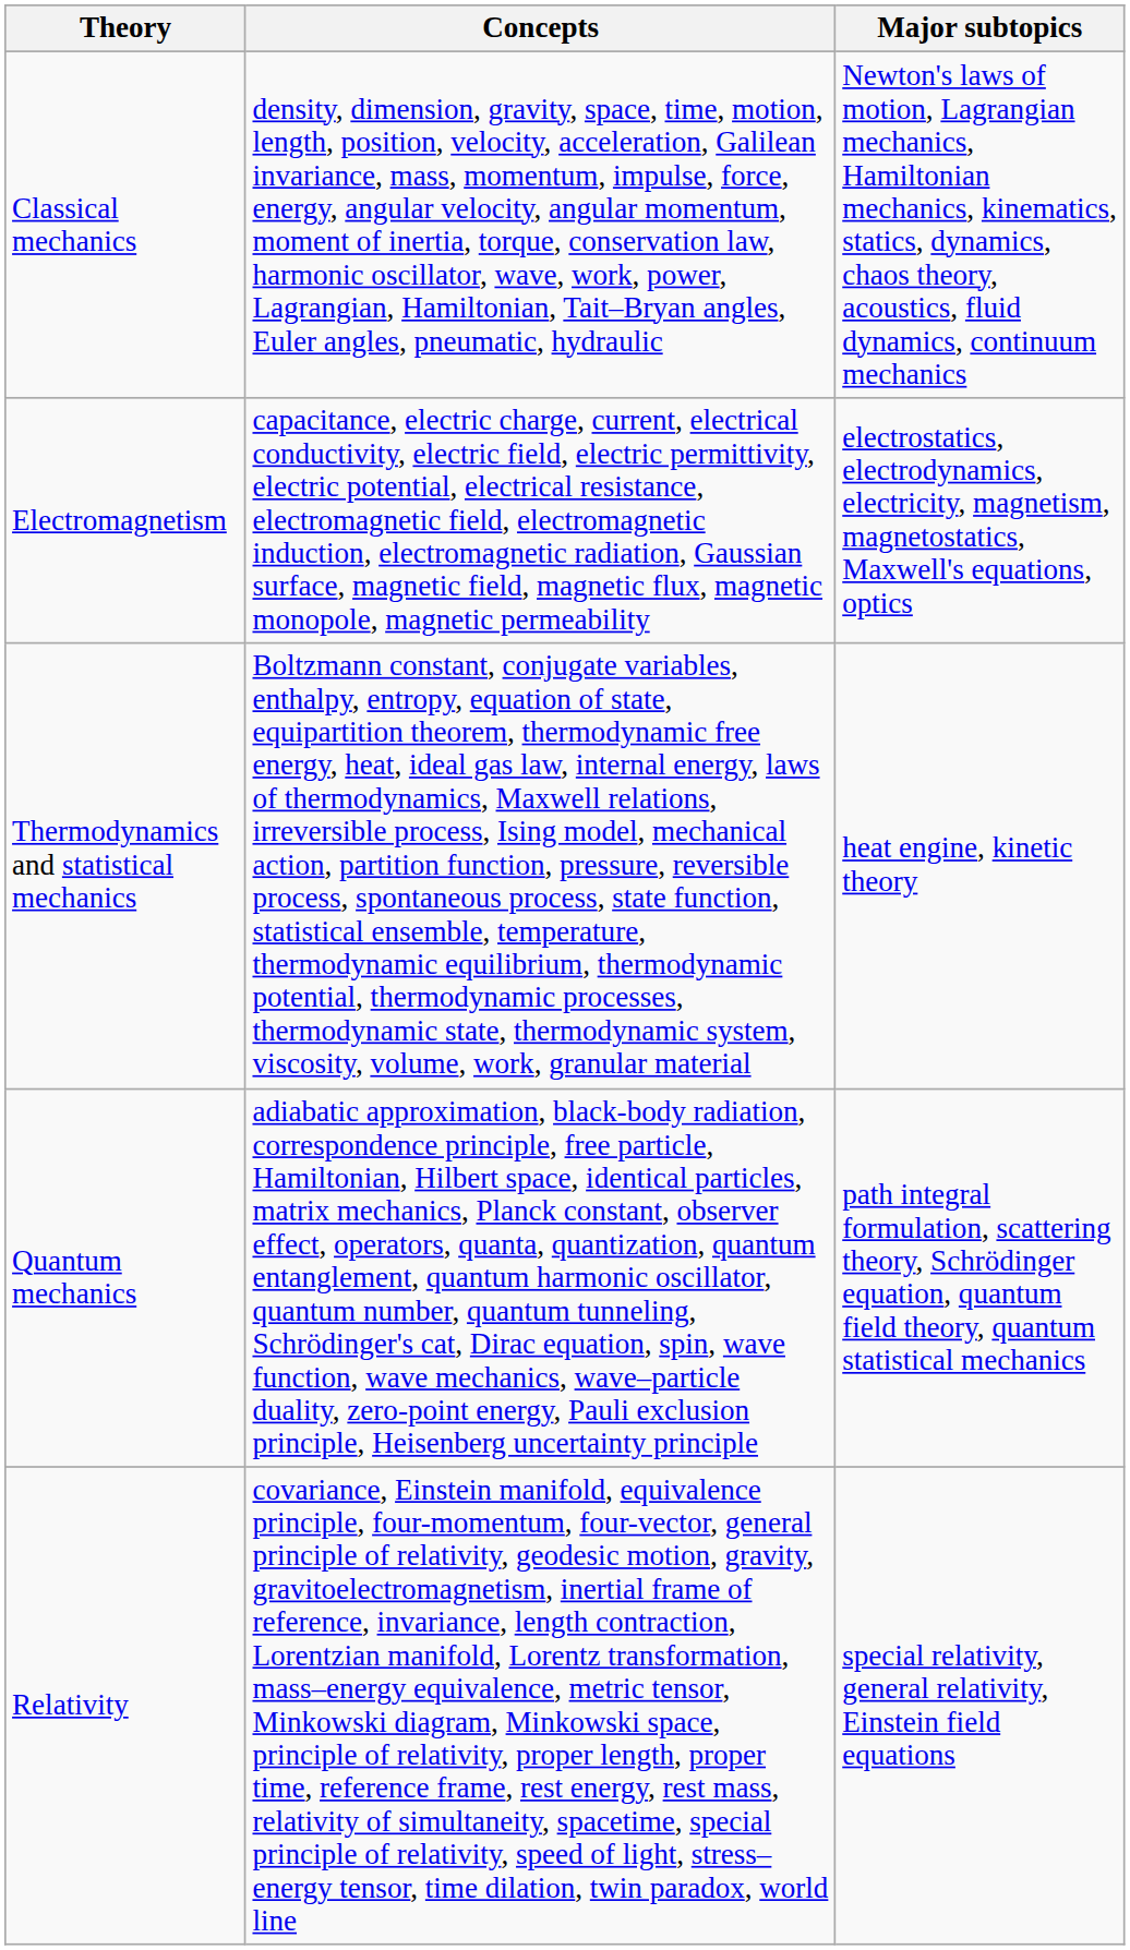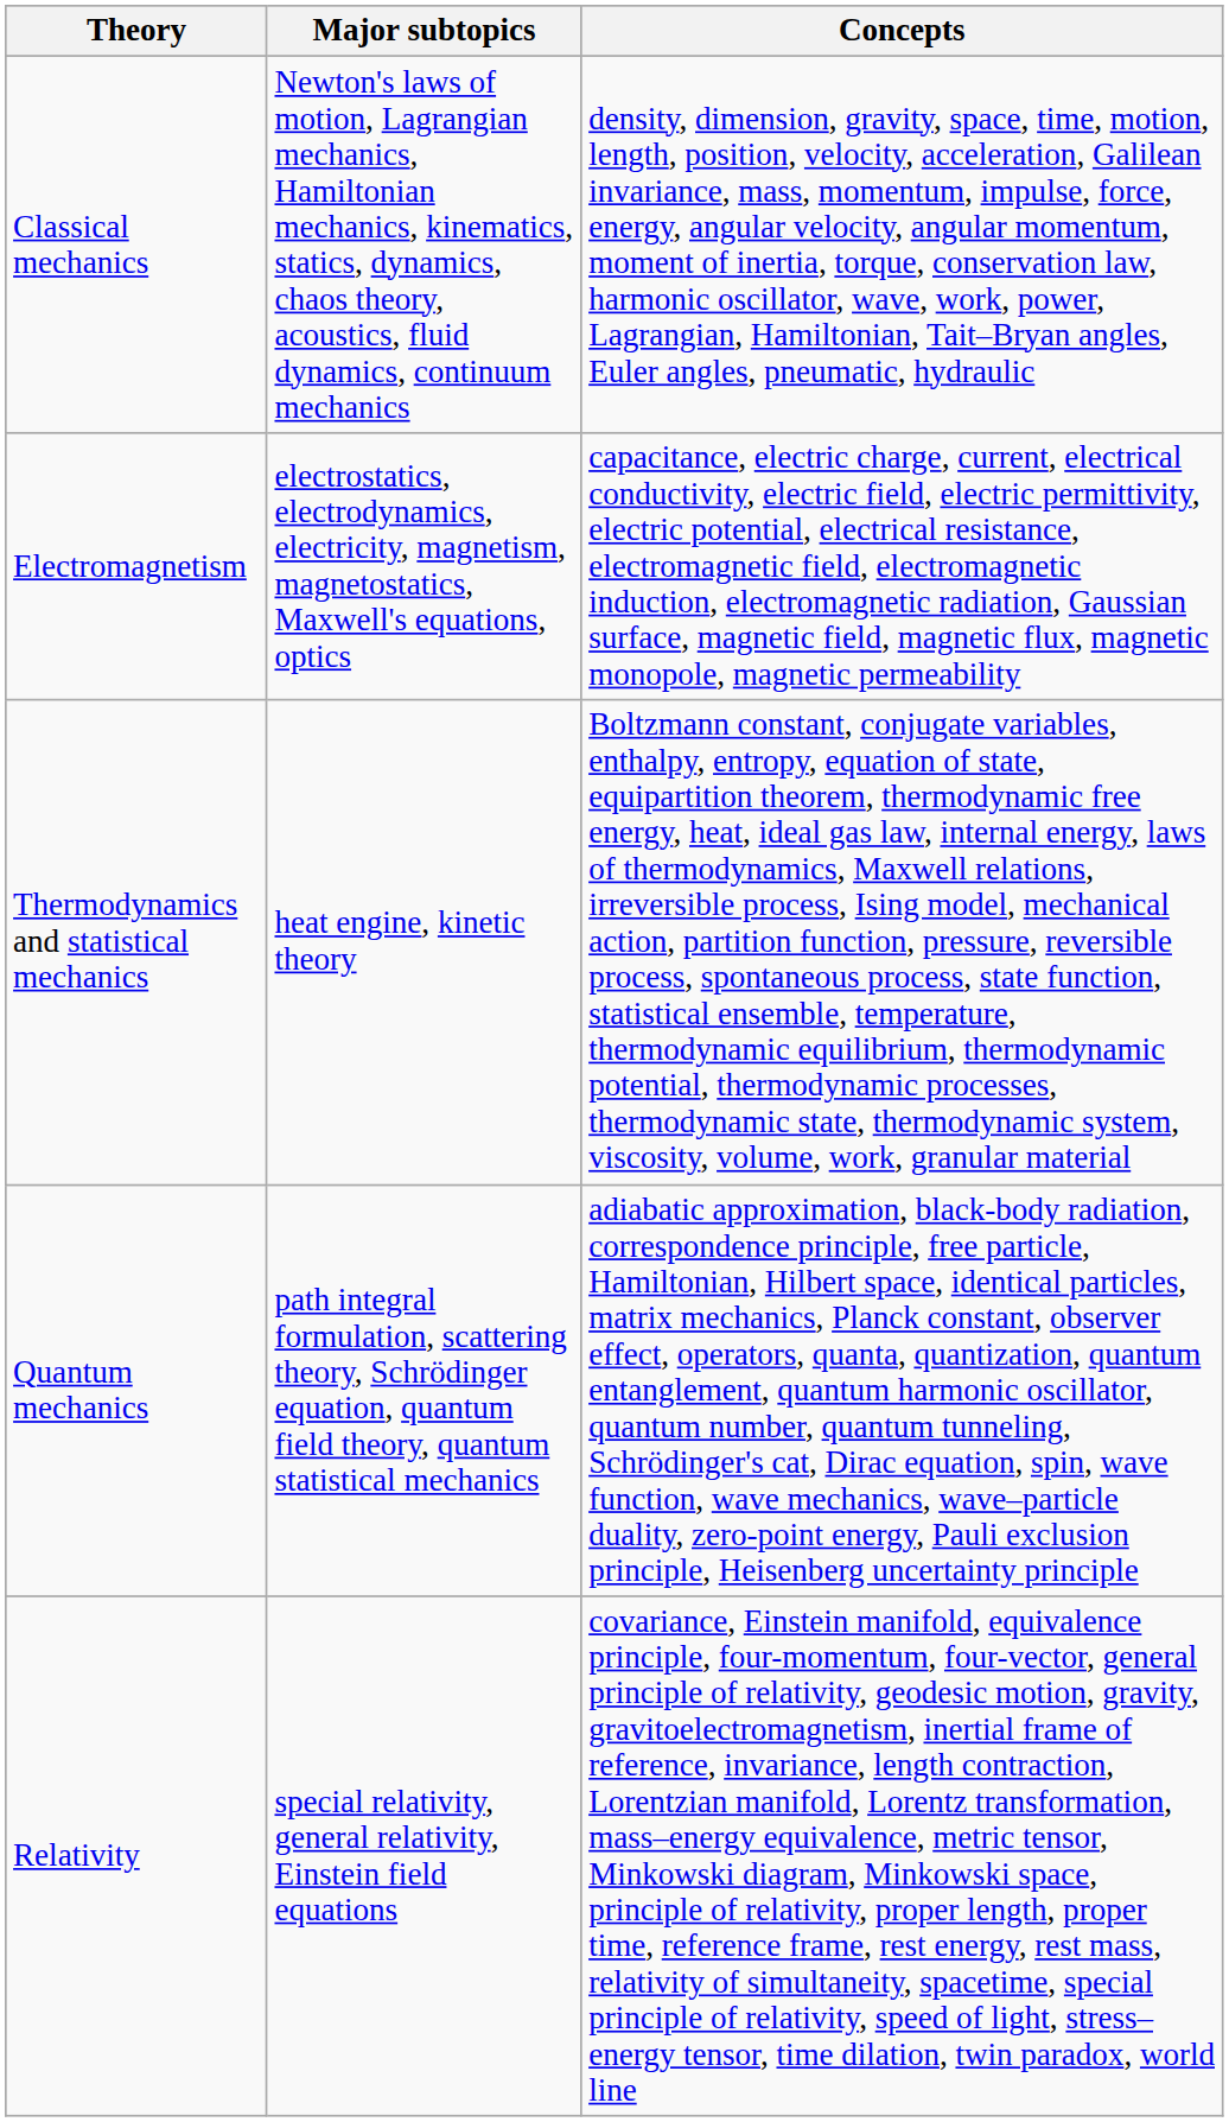 <table class="wikitable">
 <tr>
 <th>Theory</th>
+<th>Major subtopics</th>
 <th>Concepts</th>
-<th>Major subtopics</th>
 </tr>
 <tr>
 <td><a href='#'>Classical mechanics</a></td>
+<td><a href='#'>Newton's laws of motion</a>, <a href='#'>Lagrangian mechanics</a>, <a href='#'>Hamiltonian mechanics</a>, <a href='#'>kinematics</a>, <a href='#'>statics</a>, <a href='#'>dynamics</a>, <a href='#'>chaos theory</a>, <a href='#'>acoustics</a>, <a href='#'>fluid dynamics</a>, <a href='#'>continuum mechanics</a></td>
 <td><a href='#'>density</a>, <a href='#'>dimension</a>, <a href='#'>gravity</a>, <a href='#'>space</a>, <a href='#'>time</a>, <a href='#'>motion</a>, <a href='#'>length</a>, <a href='#'>position</a>, <a href='#'>velocity</a>, <a href='#'>acceleration</a>, <a href='#'>Galilean invariance</a>, <a href='#'>mass</a>, <a href='#'>momentum</a>, <a href='#'>impulse</a>, <a href='#'>force</a>, <a href='#'>energy</a>, <a href='#'>angular velocity</a>, <a href='#'>angular momentum</a>, <a href='#'>moment of inertia</a>, <a href='#'>torque</a>, <a href='#'>conservation law</a>, <a href='#'>harmonic oscillator</a>, <a href='#'>wave</a>, <a href='#'>work</a>, <a href='#'>power</a>, <a href='#'>Lagrangian</a>, <a href='#'>Hamiltonian</a>, <a href='#'>Tait–Bryan angles</a>, <a href='#'>Euler angles</a>, <a href='#'>pneumatic</a>, <a href='#'>hydraulic</a></td>
-<td><a href='#'>Newton's laws of motion</a>, <a href='#'>Lagrangian mechanics</a>, <a href='#'>Hamiltonian mechanics</a>, <a href='#'>kinematics</a>, <a href='#'>statics</a>, <a href='#'>dynamics</a>, <a href='#'>chaos theory</a>, <a href='#'>acoustics</a>, <a href='#'>fluid dynamics</a>, <a href='#'>continuum mechanics</a></td>
 </tr>
 <tr>
 <td><a href='#'>Electromagnetism</a></td>
+<td><a href='#'>electrostatics</a>, <a href='#'>electrodynamics</a>, <a href='#'>electricity</a>, <a href='#'>magnetism</a>, <a href='#'>magnetostatics</a>, <a href='#'>Maxwell's equations</a>, <a href='#'>optics</a></td>
 <td><a href='#'>capacitance</a>, <a href='#'>electric charge</a>, <a href='#'>current</a>, <a href='#'>electrical conductivity</a>, <a href='#'>electric field</a>, <a href='#'>electric permittivity</a>, <a href='#'>electric potential</a>, <a href='#'>electrical resistance</a>, <a href='#'>electromagnetic field</a>, <a href='#'>electromagnetic induction</a>, <a href='#'>electromagnetic radiation</a>, <a href='#'>Gaussian surface</a>, <a href='#'>magnetic field</a>, <a href='#'>magnetic flux</a>, <a href='#'>magnetic monopole</a>, <a href='#'>magnetic permeability</a></td>
-<td><a href='#'>electrostatics</a>, <a href='#'>electrodynamics</a>, <a href='#'>electricity</a>, <a href='#'>magnetism</a>, <a href='#'>magnetostatics</a>, <a href='#'>Maxwell's equations</a>, <a href='#'>optics</a></td>
 </tr>
 <tr>
 <td><a href='#'>Thermodynamics</a> and <a href='#'>statistical mechanics</a></td>
+<td><a href='#'>heat engine</a>, <a href='#'>kinetic theory</a></td>
 <td><a href='#'>Boltzmann constant</a>, <a href='#'>conjugate variables</a>, <a href='#'>enthalpy</a>, <a href='#'>entropy</a>, <a href='#'>equation of state</a>, <a href='#'>equipartition theorem</a>, <a href='#'>thermodynamic free energy</a>, <a href='#'>heat</a>, <a href='#'>ideal gas law</a>, <a href='#'>internal energy</a>, <a href='#'>laws of thermodynamics</a>, <a href='#'>Maxwell relations</a>, <a href='#'>irreversible process</a>, <a href='#'>Ising model</a>, <a href='#'>mechanical action</a>, <a href='#'>partition function</a>, <a href='#'>pressure</a>, <a href='#'>reversible process</a>, <a href='#'>spontaneous process</a>, <a href='#'>state function</a>, <a href='#'>statistical ensemble</a>, <a href='#'>temperature</a>, <a href='#'>thermodynamic equilibrium</a>, <a href='#'>thermodynamic potential</a>, <a href='#'>thermodynamic processes</a>, <a href='#'>thermodynamic state</a>, <a href='#'>thermodynamic system</a>, <a href='#'>viscosity</a>, <a href='#'>volume</a>, <a href='#'>work</a>, <a href='#'>granular material</a></td>
-<td><a href='#'>heat engine</a>, <a href='#'>kinetic theory</a></td>
 </tr>
 <tr>
 <td><a href='#'>Quantum mechanics</a></td>
+<td><a href='#'>path integral formulation</a>, <a href='#'>scattering theory</a>, <a href='#'>Schrödinger equation</a>, <a href='#'>quantum field theory</a>, <a href='#'>quantum statistical mechanics</a></td>
 <td><a href='#'>adiabatic approximation</a>, <a href='#'>black-body radiation</a>, <a href='#'>correspondence principle</a>, <a href='#'>free particle</a>, <a href='#'>Hamiltonian</a>, <a href='#'>Hilbert space</a>, <a href='#'>identical particles</a>, <a href='#'>matrix mechanics</a>, <a href='#'>Planck constant</a>, <a href='#'>observer effect</a>, <a href='#'>operators</a>, <a href='#'>quanta</a>, <a href='#'>quantization</a>, <a href='#'>quantum entanglement</a>, <a href='#'>quantum harmonic oscillator</a>, <a href='#'>quantum number</a>, <a href='#'>quantum tunneling</a>, <a href='#'>Schrödinger's cat</a>, <a href='#'>Dirac equation</a>, <a href='#'>spin</a>, <a href='#'>wave function</a>, <a href='#'>wave mechanics</a>, <a href='#'>wave–particle duality</a>, <a href='#'>zero-point energy</a>, <a href='#'>Pauli exclusion principle</a>, <a href='#'>Heisenberg uncertainty principle</a></td>
-<td><a href='#'>path integral formulation</a>, <a href='#'>scattering theory</a>, <a href='#'>Schrödinger equation</a>, <a href='#'>quantum field theory</a>, <a href='#'>quantum statistical mechanics</a></td>
 </tr>
 <tr>
 <td><a href='#'>Relativity</a></td>
+<td><a href='#'>special relativity</a>, <a href='#'>general relativity</a>, <a href='#'>Einstein field equations</a></td>
 <td><a href='#'>covariance</a>, <a href='#'>Einstein manifold</a>, <a href='#'>equivalence principle</a>, <a href='#'>four-momentum</a>, <a href='#'>four-vector</a>, <a href='#'>general principle of relativity</a>, <a href='#'>geodesic motion</a>, <a href='#'>gravity</a>, <a href='#'>gravitoelectromagnetism</a>, <a href='#'>inertial frame of reference</a>, <a href='#'>invariance</a>, <a href='#'>length contraction</a>, <a href='#'>Lorentzian manifold</a>, <a href='#'>Lorentz transformation</a>, <a href='#'>mass–energy equivalence</a>, <a href='#'>metric tensor</a>, <a href='#'>Minkowski diagram</a>, <a href='#'>Minkowski space</a>, <a href='#'>principle of relativity</a>, <a href='#'>proper length</a>, <a href='#'>proper time</a>, <a href='#'>reference frame</a>, <a href='#'>rest energy</a>, <a href='#'>rest mass</a>, <a href='#'>relativity of simultaneity</a>, <a href='#'>spacetime</a>, <a href='#'>special principle of relativity</a>, <a href='#'>speed of light</a>, <a href='#'>stress–energy tensor</a>, <a href='#'>time dilation</a>, <a href='#'>twin paradox</a>, <a href='#'>world line</a></td>
-<td><a href='#'>special relativity</a>, <a href='#'>general relativity</a>, <a href='#'>Einstein field equations</a></td>
 </tr>
 </table>
